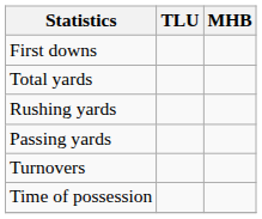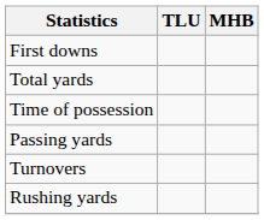 <table class="wikitable" style="float: left;">
 <tr>
 <th>Statistics</th>
 <th>TLU</th>
 <th>MHB</th>
 </tr>
 <tr>
 <td>First downs</td>
 <td></td>
 <td></td>
 </tr>
 <tr>
 <td>Total yards</td>
 <td></td>
 <td></td>
 </tr>
 <tr>
-<td>Rushing yards</td>
+<td>Time of possession</td>
 <td></td>
 <td></td>
 </tr>
 <tr>
 <td>Passing yards</td>
 <td></td>
 <td></td>
 </tr>
 <tr>
 <td>Turnovers</td>
 <td></td>
 <td></td>
 </tr>
 <tr>
-<td>Time of possession</td>
+<td>Rushing yards</td>
 <td></td>
 <td></td>
 </tr>
 <tr>
 </tr>
 </table>
